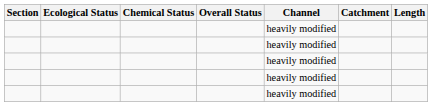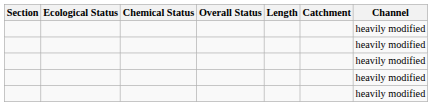 <table class="wikitable">
 <tr>
 <th>Section</th>
 <th>Ecological Status</th>
 <th>Chemical Status</th>
 <th>Overall Status</th>
+<th>Length</th>
+<th>Catchment</th>
 <th>Channel</th>
-<th>Catchment</th>
-<th>Length</th>
 </tr>
 <tr>
 <td></td>
 <td></td>
 <td></td>
 <td></td>
-<td>heavily modified</td>
 <td></td>
 <td></td>
+<td>heavily modified</td>
 </tr>
 <tr>
 <td></td>
 <td></td>
 <td></td>
 <td></td>
-<td>heavily modified</td>
 <td></td>
 <td></td>
+<td>heavily modified</td>
 </tr>
 <tr>
 <td></td>
 <td></td>
 <td></td>
 <td></td>
-<td>heavily modified</td>
 <td></td>
 <td></td>
+<td>heavily modified</td>
 </tr>
 <tr>
 <td></td>
 <td></td>
 <td></td>
 <td></td>
-<td>heavily modified</td>
 <td></td>
 <td></td>
+<td>heavily modified</td>
 </tr>
 <tr>
 <td></td>
 <td></td>
 <td></td>
 <td></td>
-<td>heavily modified</td>
 <td></td>
 <td></td>
+<td>heavily modified</td>
 </tr>
 </table>
